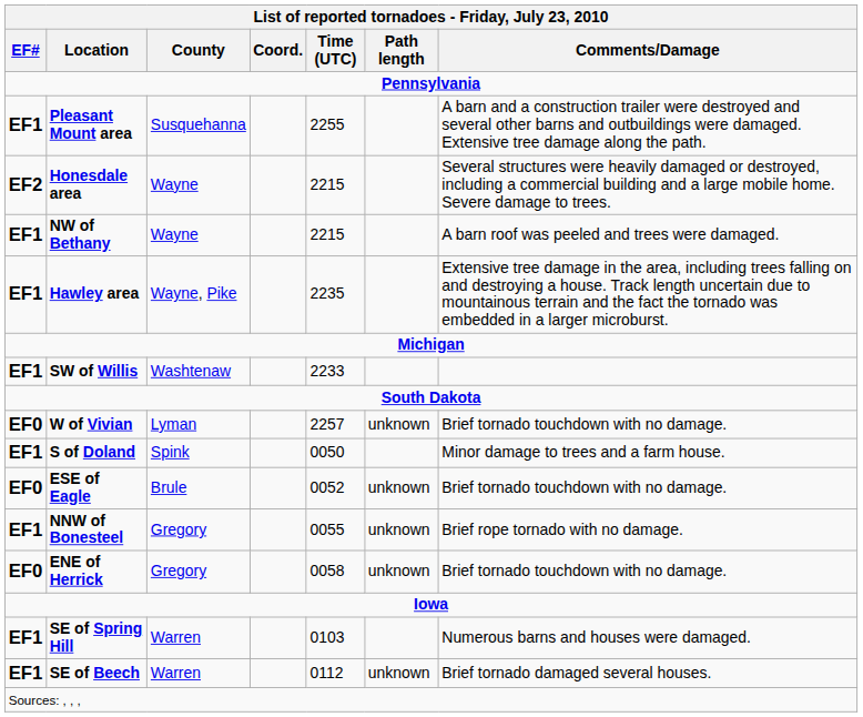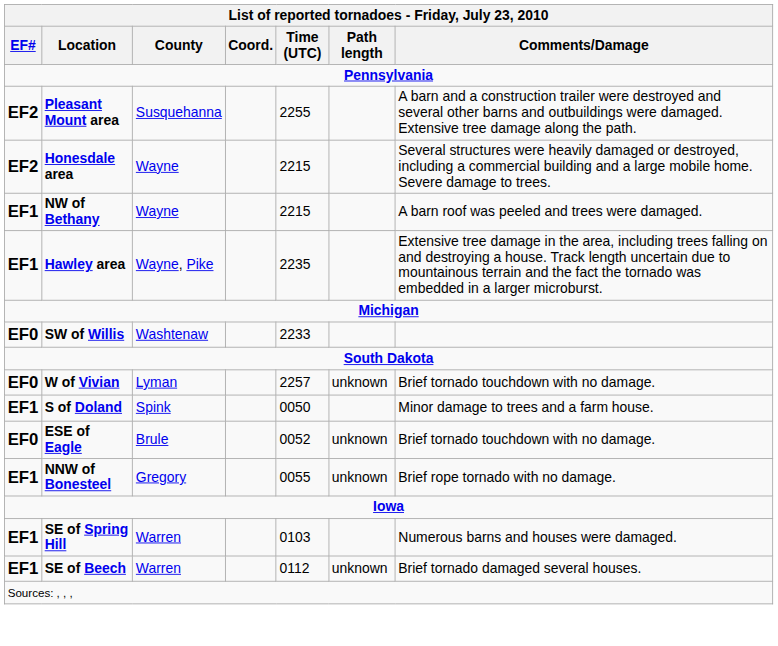 <table class="wikitable collapsible" style="width:100%;">
 <tr>
 <th colspan="7">List of reported tornadoes - Friday, July 23, 2010</th>
 </tr>
 <tr>
 <th><a href='#'>EF#</a></th>
 <th>Location</th>
 <th>County</th>
 <th>Coord.</th>
 <th>Time (UTC)</th>
 <th>Path length</th>
 <th>Comments/Damage</th>
 </tr>
 <tr>
 <td colspan="7" style="text-align:center;"><strong><a href='#'>Pennsylvania</a></strong></td>
 </tr>
 <tr>
-<td><big><strong>EF1</strong></big></td>
+<td><big><strong>EF2</strong></big></td>
 <td><strong><a href='#'>Pleasant Mount</a> area</strong></td>
 <td><a href='#'>Susquehanna</a></td>
 <td></td>
 <td>2255</td>
 <td></td>
 <td>A barn and a construction trailer were destroyed and several other barns and outbuildings were damaged. Extensive tree damage along the path.</td>
 </tr>
 <tr>
 <td><big><strong>EF2</strong></big></td>
 <td><strong><a href='#'>Honesdale</a> area</strong></td>
 <td><a href='#'>Wayne</a></td>
 <td></td>
 <td>2215</td>
 <td></td>
 <td>Several structures were heavily damaged or destroyed, including a commercial building and a large mobile home. Severe damage to trees.</td>
 </tr>
 <tr>
 <td><big><strong>EF1</strong></big></td>
 <td><strong>NW of <a href='#'>Bethany</a></strong></td>
 <td><a href='#'>Wayne</a></td>
 <td></td>
 <td>2215</td>
 <td></td>
 <td>A barn roof was peeled and trees were damaged.</td>
 </tr>
 <tr>
 <td><big><strong>EF1</strong></big></td>
 <td><strong><a href='#'>Hawley</a> area</strong></td>
 <td><a href='#'>Wayne</a>, <a href='#'>Pike</a></td>
 <td></td>
 <td>2235</td>
 <td></td>
 <td>Extensive tree damage in the area, including trees falling on and destroying a house. Track length uncertain due to mountainous terrain and the fact the tornado was embedded in a larger microburst.</td>
 </tr>
 <tr>
 <td colspan="7" style="text-align:center;"><strong><a href='#'>Michigan</a></strong></td>
 </tr>
 <tr>
-<td><big><strong>EF1</strong></big></td>
+<td><big><strong>EF0</strong></big></td>
 <td><strong>SW of <a href='#'>Willis</a></strong></td>
 <td><a href='#'>Washtenaw</a></td>
 <td></td>
 <td>2233</td>
 <td></td>
 <td></td>
 </tr>
 <tr>
 <td colspan="7" style="text-align:center;"><strong><a href='#'>South Dakota</a></strong></td>
 </tr>
 <tr>
 <td><big><strong>EF0</strong></big></td>
 <td><strong>W of <a href='#'>Vivian</a></strong></td>
 <td><a href='#'>Lyman</a></td>
 <td></td>
 <td>2257</td>
 <td>unknown</td>
 <td>Brief tornado touchdown with no damage.</td>
 </tr>
 <tr>
 <td><big><strong>EF1</strong></big></td>
 <td><strong>S of <a href='#'>Doland</a></strong></td>
 <td><a href='#'>Spink</a></td>
 <td></td>
 <td>0050</td>
 <td></td>
 <td>Minor damage to trees and a farm house.</td>
 </tr>
 <tr>
 <td><big><strong>EF0</strong></big></td>
 <td><strong>ESE of <a href='#'>Eagle</a></strong></td>
 <td><a href='#'>Brule</a></td>
 <td></td>
 <td>0052</td>
 <td>unknown</td>
 <td>Brief tornado touchdown with no damage.</td>
 </tr>
 <tr>
 <td><big><strong>EF1</strong></big></td>
 <td><strong>NNW of <a href='#'>Bonesteel</a></strong></td>
 <td><a href='#'>Gregory</a></td>
 <td></td>
 <td>0055</td>
 <td>unknown</td>
 <td>Brief rope tornado with no damage.</td>
 </tr>
 <tr>
-<td><big><strong>EF0</strong></big></td>
-<td><strong>ENE of <a href='#'>Herrick</a></strong></td>
-<td><a href='#'>Gregory</a></td>
-<td></td>
-<td>0058</td>
-<td>unknown</td>
-<td>Brief tornado touchdown with no damage.</td>
-</tr>
-<tr>
 <td colspan="7" style="text-align:center;"><strong><a href='#'>Iowa</a></strong></td>
 </tr>
 <tr>
 <td><big><strong>EF1</strong></big></td>
 <td><strong>SE of <a href='#'>Spring Hill</a></strong></td>
 <td><a href='#'>Warren</a></td>
 <td></td>
 <td>0103</td>
 <td></td>
 <td>Numerous barns and houses were damaged.</td>
 </tr>
 <tr>
 <td><big><strong>EF1</strong></big></td>
 <td><strong>SE of <a href='#'>Beech</a></strong></td>
 <td><a href='#'>Warren</a></td>
 <td></td>
 <td>0112</td>
 <td>unknown</td>
 <td>Brief tornado damaged several houses.</td>
 </tr>
 <tr>
 <td colspan="7"><small>Sources: , , , </small></td>
 </tr>
 </table>
